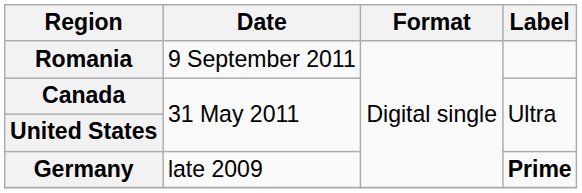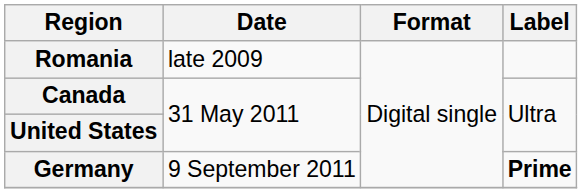 <table class="wikitable plainrowheaders unsortable">
 <tr>
 <th>Region</th>
 <th>Date</th>
 <th>Format</th>
 <th>Label</th>
 </tr>
 <tr>
 <th scope="row">Romania</th>
-<td rowspan="1">9 September 2011</td>
+<td>late 2009</td>
 <td rowspan="4">Digital single</td>
 <td></td>
 </tr>
 <tr>
 <th scope="row">Canada</th>
 <td rowspan="2">31 May 2011</td>
 <td rowspan="2">Ultra</td>
 </tr>
 <tr>
 <th scope="row">United States</th>
 </tr>
 <tr>
 <th scope="row">Germany</th>
-<td>late 2009</td>
+<td rowspan="1">9 September 2011</td>
 <td rowspan="1"><strong>Prime</strong></td>
 </tr>
 <tr>
 </tr>
 </table>
